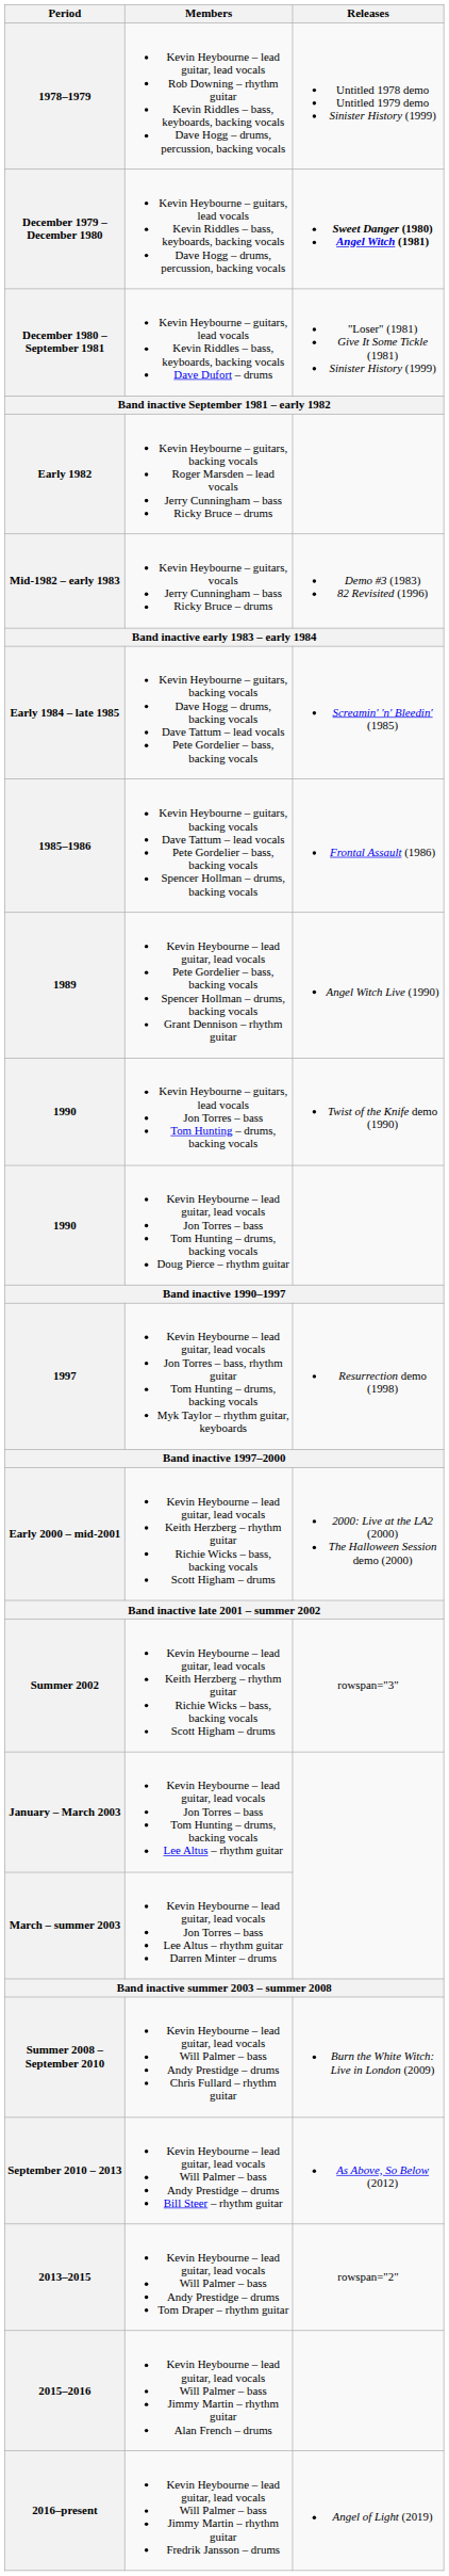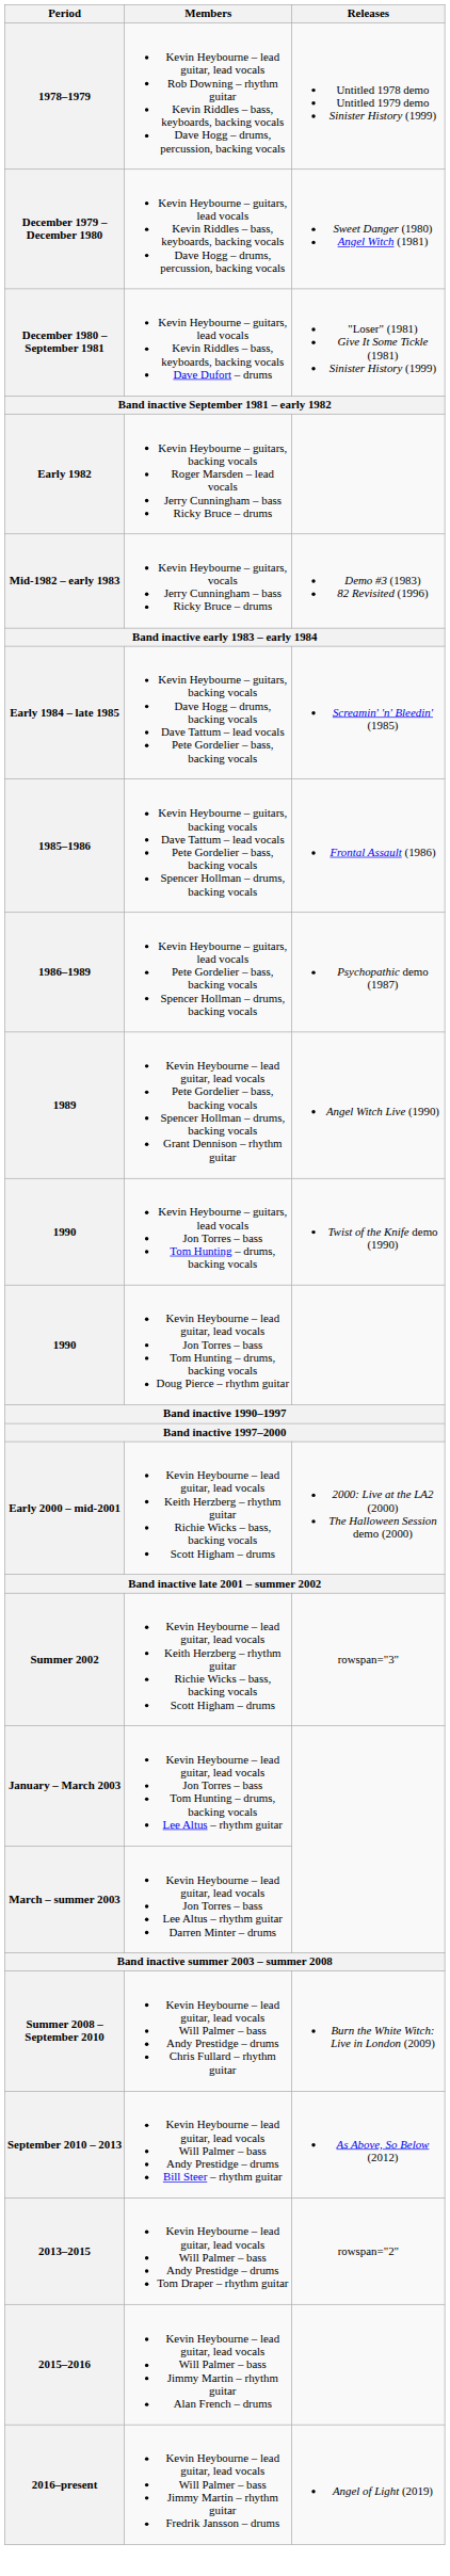 <table class="wikitable plainrowheaders" style="text-align:center;">
 <tr>
 <th scope="col" style="width:20em;">Period</th>
 <th scope="col" style="width:26em;">Members</th>
 <th scope="col" style="width:22em;">Releases</th>
 </tr>
 <tr>
 <th scope="col">1978–1979</th>
 <td><br><ul><li>Kevin Heybourne – lead guitar, lead vocals</li><li>Rob Downing – rhythm guitar</li><li>Kevin Riddles – bass, keyboards, backing vocals</li><li>Dave Hogg – drums, percussion, backing vocals</li></ul></td>
 <td><br><ul><li>Untitled 1978 demo</li><li>Untitled 1979 demo</li><li><em>Sinister History</em> (1999) </li></ul></td>
 </tr>
 <tr>
 <th scope="col">December 1979 – December 1980</th>
 <td><br><ul><li>Kevin Heybourne – guitars, lead vocals</li><li>Kevin Riddles – bass, keyboards, backing vocals</li><li>Dave Hogg – drums, percussion, backing vocals</li></ul></td>
-<td><strong><br><ul><li><em>Sweet Danger</em> (1980)</li><li><em><a href='#'>Angel Witch</a></em> (1981)</li></ul></strong></td>
+<td><br><ul><li><em>Sweet Danger</em> (1980)</li><li><em><a href='#'>Angel Witch</a></em> (1981)</li></ul></td>
 </tr>
 <tr>
 <th scope="col">December 1980 – September 1981</th>
 <td><br><ul><li>Kevin Heybourne – guitars, lead vocals</li><li>Kevin Riddles – bass, keyboards, backing vocals</li><li><a href='#'>Dave Dufort</a> – drums</li></ul></td>
 <td><br><ul><li>"Loser" (1981)</li><li><em>Give It Some Tickle</em> (1981)</li><li><em>Sinister History</em> (1999) </li></ul></td>
 </tr>
 <tr>
 <th scope="col" colspan="3">Band inactive September 1981 – early 1982</th>
 </tr>
 <tr>
 <th scope="col">Early 1982</th>
 <td><br><ul><li>Kevin Heybourne – guitars, backing vocals</li><li>Roger Marsden – lead vocals</li><li>Jerry Cunningham – bass</li><li>Ricky Bruce – drums</li></ul></td>
 <td></td>
 </tr>
 <tr>
 <th scope="col">Mid-1982 – early 1983</th>
 <td><br><ul><li>Kevin Heybourne – guitars, vocals</li><li>Jerry Cunningham – bass</li><li>Ricky Bruce – drums</li></ul></td>
 <td><br><ul><li><em>Demo #3</em> (1983)</li><li><em>82 Revisited</em> (1996)</li></ul></td>
 </tr>
 <tr>
 <th scope="col" colspan="3">Band inactive early 1983 – early 1984</th>
 </tr>
 <tr>
 <th scope="col">Early 1984 – late 1985</th>
 <td><br><ul><li>Kevin Heybourne – guitars, backing vocals</li><li>Dave Hogg – drums, backing vocals</li><li>Dave Tattum – lead vocals</li><li>Pete Gordelier – bass, backing vocals</li></ul></td>
 <td><br><ul><li><em><a href='#'>Screamin' 'n' Bleedin'</a></em> (1985)</li></ul></td>
 </tr>
 <tr>
 <th scope="col">1985–1986</th>
 <td><br><ul><li>Kevin Heybourne – guitars, backing vocals</li><li>Dave Tattum – lead vocals</li><li>Pete Gordelier – bass, backing vocals</li><li>Spencer Hollman – drums, backing vocals</li></ul></td>
 <td><br><ul><li><em><a href='#'>Frontal Assault</a></em> (1986)</li></ul></td>
 </tr>
 <tr>
+<th scope="col">1986–1989</th>
+<td><br><ul><li>Kevin Heybourne – guitars, lead vocals</li><li>Pete Gordelier – bass, backing vocals</li><li>Spencer Hollman – drums, backing vocals</li></ul></td>
+<td><br><ul><li><em>Psychopathic</em> demo (1987)</li></ul></td>
+</tr>
+<tr>
 <th scope="col">1989</th>
 <td><br><ul><li>Kevin Heybourne – lead guitar, lead vocals</li><li>Pete Gordelier – bass, backing vocals</li><li>Spencer Hollman – drums, backing vocals</li><li>Grant Dennison – rhythm guitar</li></ul></td>
 <td><br><ul><li><em>Angel Witch Live</em> (1990)</li></ul></td>
 </tr>
 <tr>
 <th scope="col">1990</th>
 <td><br><ul><li>Kevin Heybourne – guitars, lead vocals</li><li>Jon Torres – bass</li><li><a href='#'>Tom Hunting</a> – drums, backing vocals</li></ul></td>
 <td><br><ul><li><em>Twist of the Knife</em> demo (1990)</li></ul></td>
 </tr>
 <tr>
 <th scope="col">1990</th>
 <td><br><ul><li>Kevin Heybourne – lead guitar, lead vocals</li><li>Jon Torres – bass</li><li>Tom Hunting – drums, backing vocals</li><li>Doug Pierce – rhythm guitar</li></ul></td>
 <td></td>
 </tr>
 <tr>
 <th scope="col" colspan="3">Band inactive 1990–1997</th>
-</tr>
-<tr>
-<th scope="col">1997<br></th>
-<td><br><ul><li>Kevin Heybourne – lead guitar, lead vocals</li><li>Jon Torres – bass, rhythm guitar</li><li>Tom Hunting – drums, backing vocals</li><li>Myk Taylor – rhythm guitar, keyboards</li></ul></td>
-<td><br><ul><li><em>Resurrection</em> demo (1998)</li></ul></td>
 </tr>
 <tr>
 <th scope="col" colspan="3">Band inactive 1997–2000</th>
 </tr>
 <tr>
 <th scope="col">Early 2000 – mid-2001</th>
 <td><br><ul><li>Kevin Heybourne – lead guitar, lead vocals</li><li>Keith Herzberg – rhythm guitar</li><li>Richie Wicks – bass, backing vocals</li><li>Scott Higham – drums</li></ul></td>
 <td><br><ul><li><em>2000: Live at the LA2</em> (2000)</li><li><em>The Halloween Session</em> demo (2000)</li></ul></td>
 </tr>
 <tr>
 <th scope="col" colspan="3">Band inactive late 2001 – summer 2002</th>
 </tr>
 <tr>
 <th scope="col">Summer 2002</th>
 <td><br><ul><li>Kevin Heybourne – lead guitar, lead vocals</li><li>Keith Herzberg – rhythm guitar</li><li>Richie Wicks – bass, backing vocals</li><li>Scott Higham – drums</li></ul></td>
 <td>rowspan="3" </td>
 </tr>
 <tr>
 <th scope="col">January – March 2003</th>
 <td><br><ul><li>Kevin Heybourne – lead guitar, lead vocals</li><li>Jon Torres – bass</li><li>Tom Hunting – drums, backing vocals</li><li><a href='#'>Lee Altus</a> – rhythm guitar</li></ul></td>
 </tr>
 <tr>
 <th scope="col">March – summer 2003</th>
 <td><br><ul><li>Kevin Heybourne – lead guitar, lead vocals</li><li>Jon Torres – bass</li><li>Lee Altus – rhythm guitar</li><li>Darren Minter – drums</li></ul></td>
 </tr>
 <tr>
 <th scope="col" colspan="3">Band inactive summer 2003 – summer 2008</th>
 </tr>
 <tr>
 <th scope="col">Summer 2008 – September 2010</th>
 <td><br><ul><li>Kevin Heybourne – lead guitar, lead vocals</li><li>Will Palmer – bass</li><li>Andy Prestidge – drums</li><li>Chris Fullard – rhythm guitar</li></ul></td>
 <td><br><ul><li><em>Burn the White Witch: Live in London</em> (2009)<br></li></ul></td>
 </tr>
 <tr>
 <th scope="col">September 2010 – 2013</th>
 <td><br><ul><li>Kevin Heybourne – lead guitar, lead vocals</li><li>Will Palmer – bass</li><li>Andy Prestidge – drums</li><li><a href='#'>Bill Steer</a> – rhythm guitar</li></ul></td>
 <td><br><ul><li><em><a href='#'>As Above, So Below</a></em> (2012)<br></li></ul></td>
 </tr>
 <tr>
 <th scope="col">2013–2015</th>
 <td><br><ul><li>Kevin Heybourne – lead guitar, lead vocals</li><li>Will Palmer – bass</li><li>Andy Prestidge – drums</li><li>Tom Draper – rhythm guitar</li></ul></td>
 <td>rowspan="2" </td>
 </tr>
 <tr>
 <th scope="col">2015–2016</th>
 <td><br><ul><li>Kevin Heybourne – lead guitar, lead vocals</li><li>Will Palmer – bass</li><li>Jimmy Martin – rhythm guitar</li><li>Alan French – drums</li></ul></td>
 </tr>
 <tr>
 <th scope="col">2016–present</th>
 <td><br><ul><li>Kevin Heybourne – lead guitar, lead vocals</li><li>Will Palmer – bass</li><li>Jimmy Martin – rhythm guitar</li><li>Fredrik Jansson – drums</li></ul></td>
 <td><br><ul><li><em>Angel of Light</em> (2019)</li></ul></td>
 </tr>
 </table>
